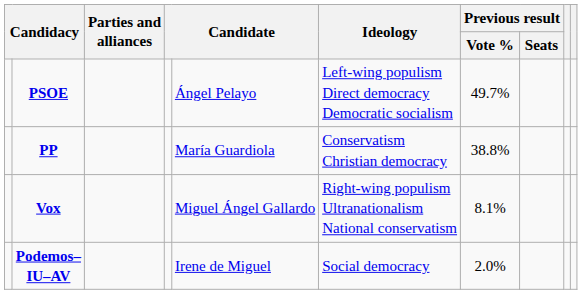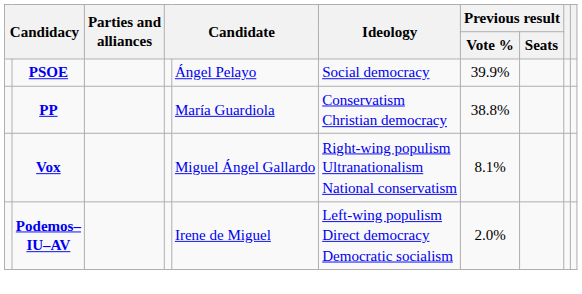 <table class="wikitable" style="line-height:1.35em; text-align:left;">
 <tr>
 <th colspan="2" rowspan="2">Candidacy</th>
 <th rowspan="2">Parties and<br>alliances</th>
 <th colspan="2" rowspan="2">Candidate</th>
 <th rowspan="2">Ideology</th>
 <th colspan="2">Previous result</th>
 <th rowspan="2"></th>
 <th rowspan="2"></th>
 </tr>
 <tr>
 <th>Vote %</th>
 <th>Seats</th>
 </tr>
 <tr>
 <td width="1" style="color:inherit;background:"></td>
 <td align="center"><strong><a href='#'>PSOE</a></strong></td>
 <td></td>
 <td></td>
 <td><a href='#'>Ángel Pelayo</a></td>
-<td><a href='#'>Left-wing populism</a><br><a href='#'>Direct democracy</a><br><a href='#'>Democratic socialism</a></td>
-<td align="center">49.7%</td>
+<td><a href='#'>Social democracy</a></td>
+<td align="center">39.9%</td>
 <td></td>
 <td></td>
 <td></td>
 </tr>
 <tr>
 <td style="color:inherit;background:"></td>
 <td align="center"><strong><a href='#'>PP</a></strong></td>
 <td></td>
 <td></td>
 <td><a href='#'>María Guardiola</a></td>
 <td><a href='#'>Conservatism</a><br><a href='#'>Christian democracy</a></td>
 <td align="center">38.8%</td>
 <td></td>
 <td></td>
 <td></td>
 </tr>
 <tr>
 <td style="color:inherit;background:"></td>
 <td align="center"><strong><a href='#'>Vox</a></strong></td>
 <td></td>
 <td></td>
 <td><a href='#'>Miguel Ángel Gallardo</a></td>
 <td><a href='#'>Right-wing populism</a><br><a href='#'>Ultranationalism</a><br><a href='#'>National conservatism</a></td>
 <td align="center">8.1%</td>
 <td></td>
 <td></td>
 <td></td>
 </tr>
 <tr>
 <td style="color:inherit;background:"></td>
 <td align="center"><strong><a href='#'>Podemos–<br>IU–AV</a></strong></td>
 <td></td>
 <td></td>
 <td><a href='#'>Irene de Miguel</a></td>
-<td><a href='#'>Social democracy</a></td>
+<td><a href='#'>Left-wing populism</a><br><a href='#'>Direct democracy</a><br><a href='#'>Democratic socialism</a></td>
 <td align="center">2.0%</td>
 <td></td>
 <td></td>
 <td></td>
 </tr>
 </table>
